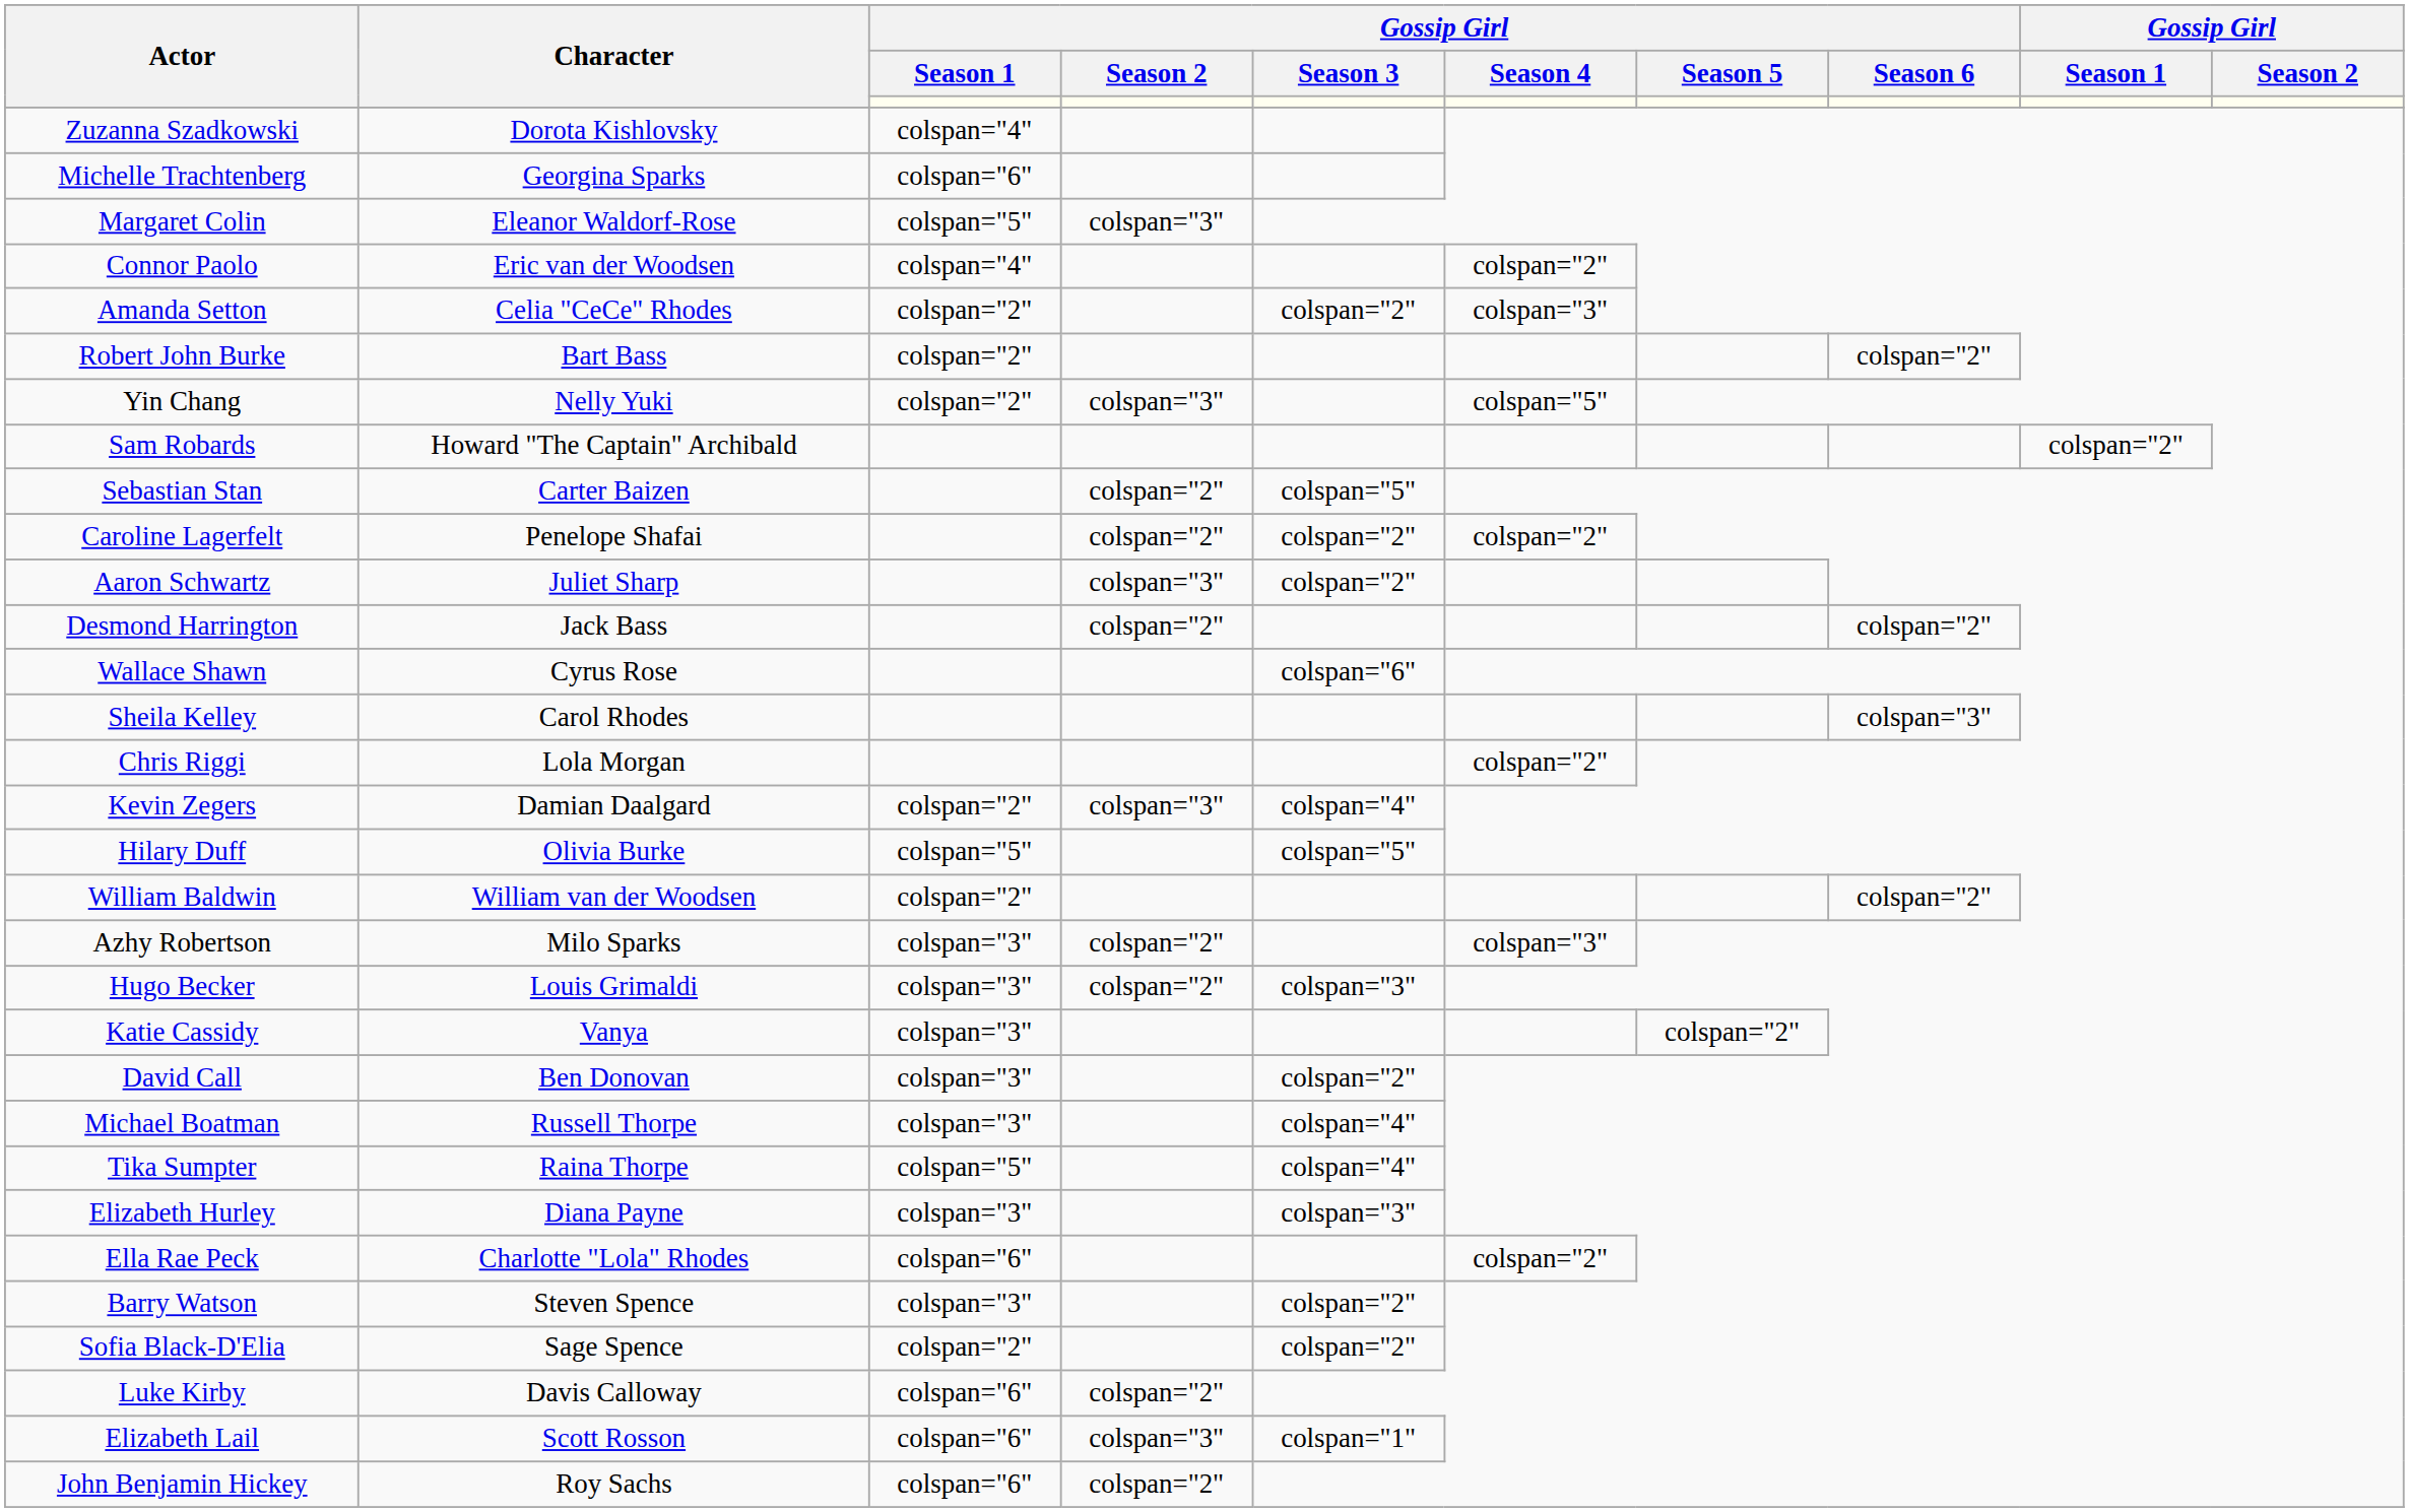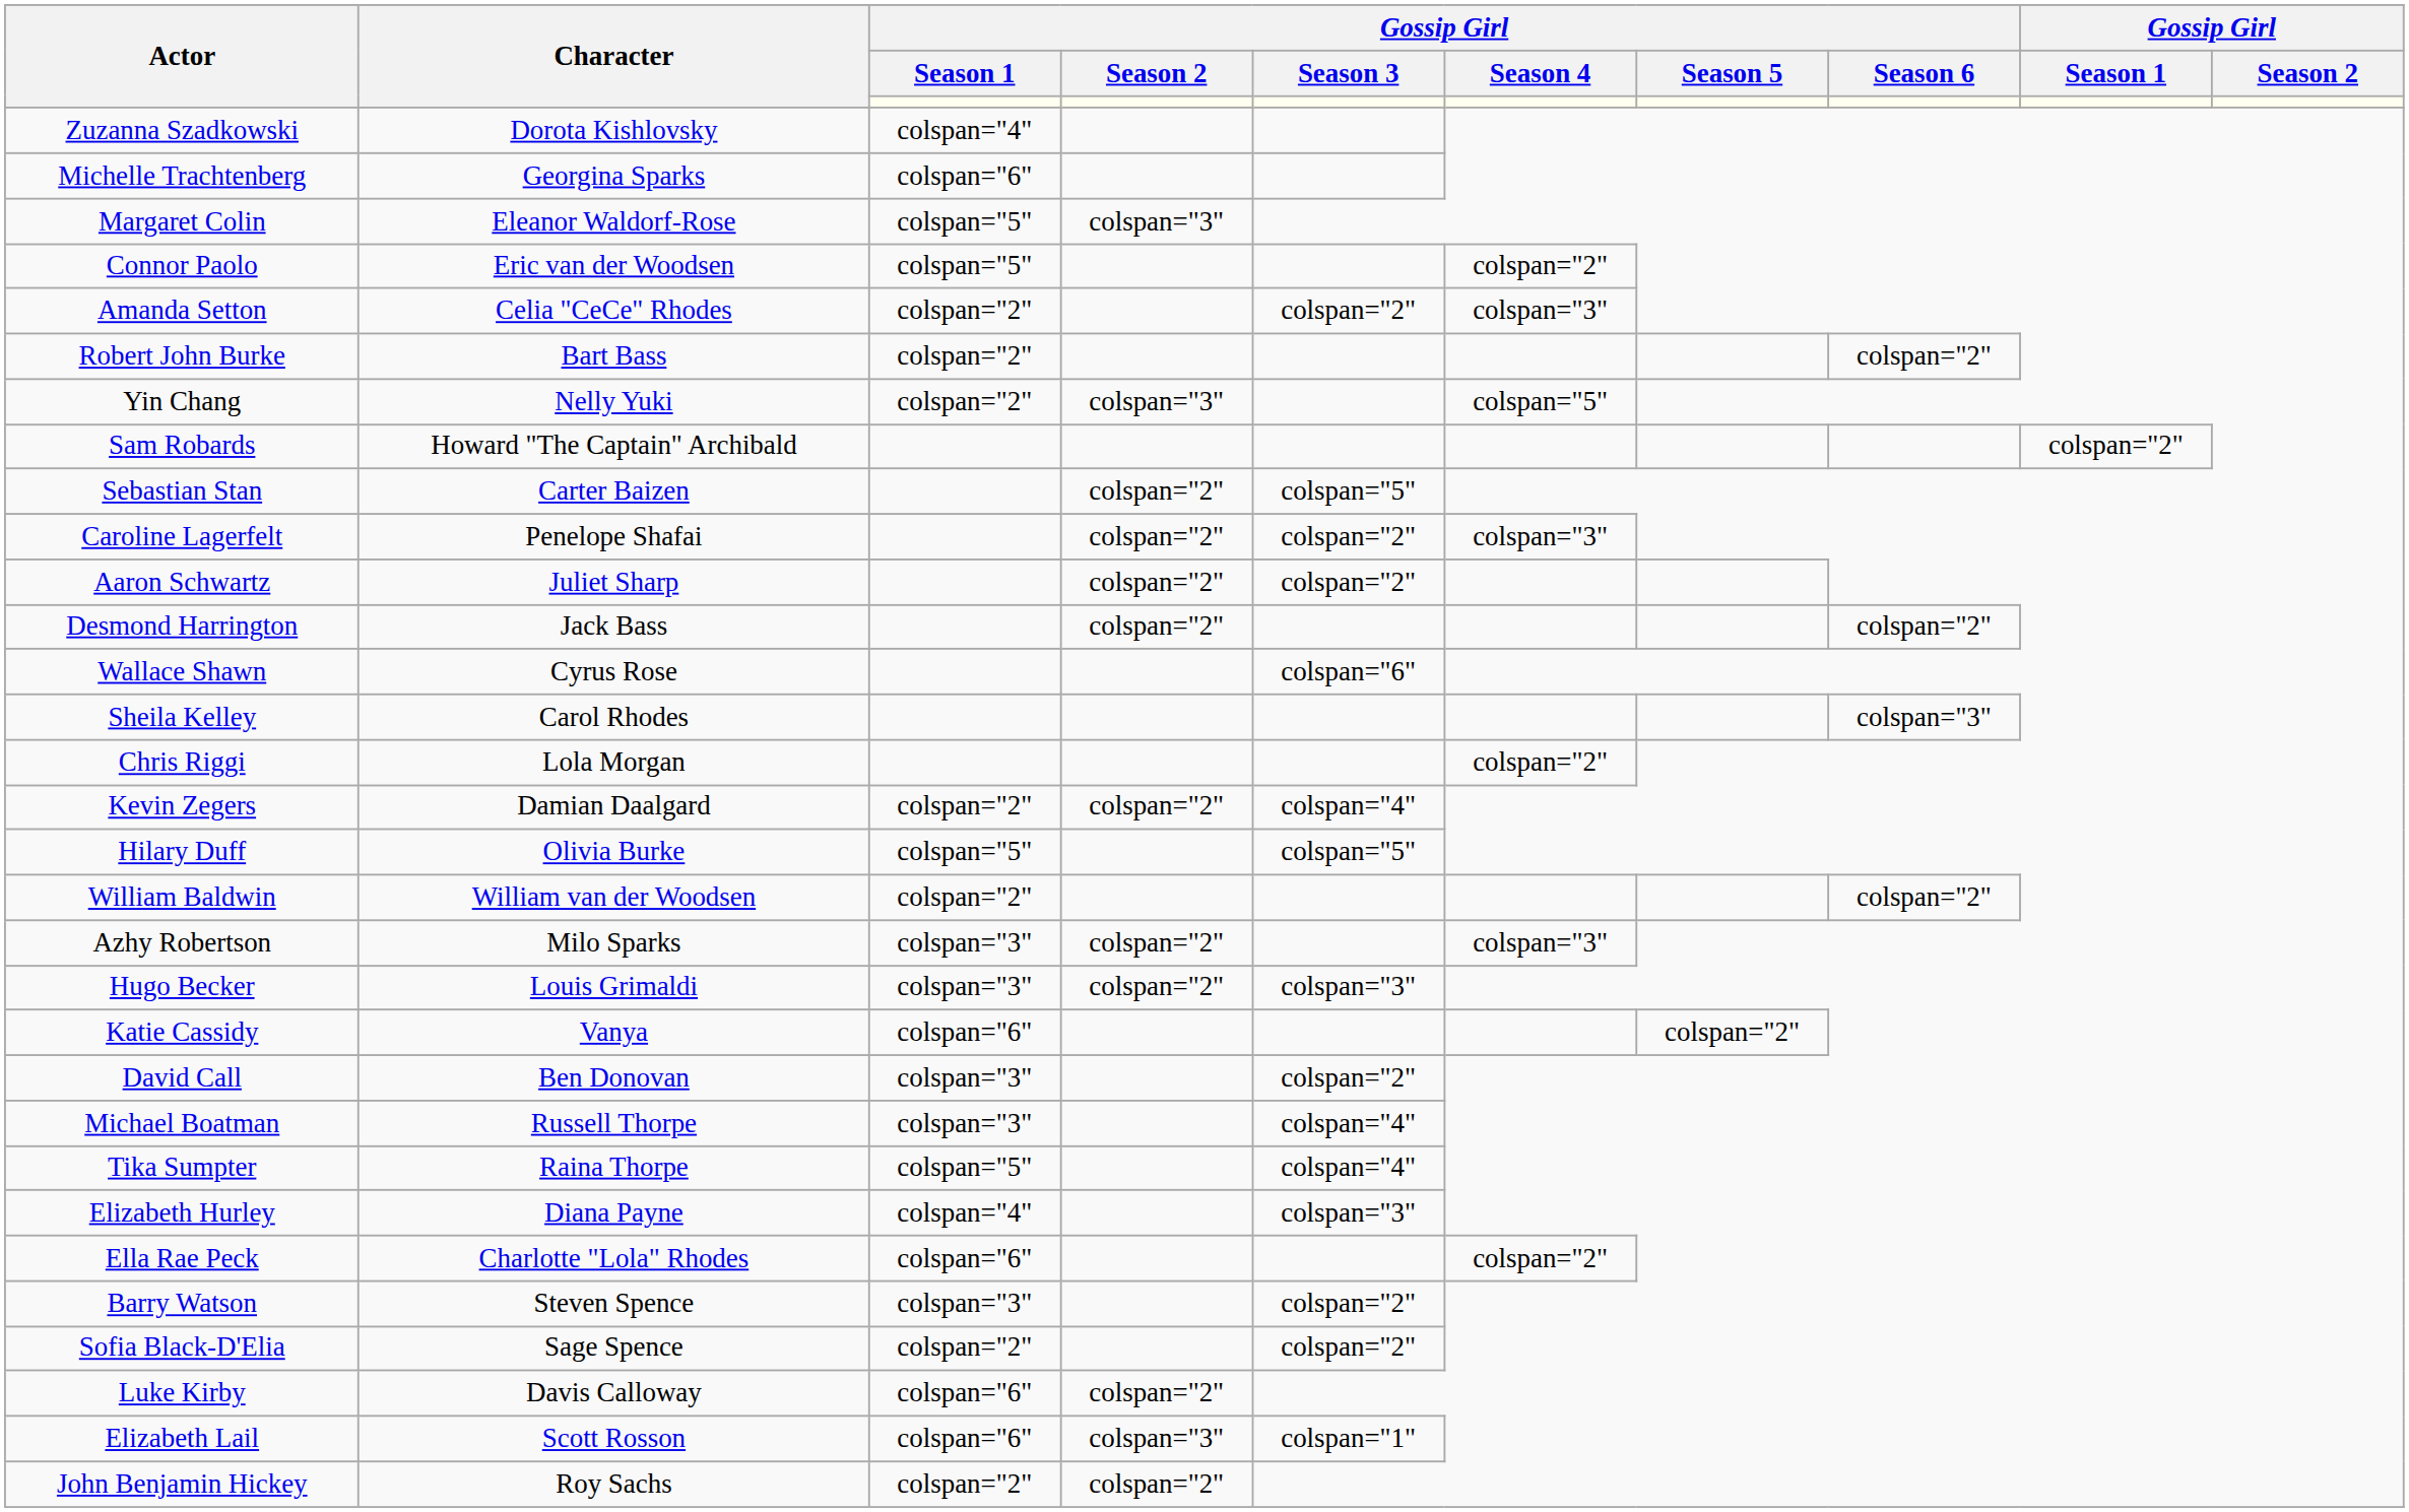 <table class="wikitable plainrowheaders" style="text-align:center; font-size:90%; width:100%">
 <tr>
 <th rowspan="3">Actor</th>
 <th rowspan="3">Character</th>
 <th colspan="6"><em><a href='#'>Gossip Girl</a></em> </th>
 <th colspan="2"><a href='#'><em>Gossip Girl</em></a> </th>
 </tr>
 <tr>
 <th style="width:8%;"><a href='#'>Season 1</a></th>
 <th style="width:8%;"><a href='#'>Season 2</a></th>
 <th style="width:8%;"><a href='#'>Season 3</a></th>
 <th style="width:8%;"><a href='#'>Season 4</a></th>
 <th style="width:8%;"><a href='#'>Season 5</a></th>
 <th style="width:8%;"><a href='#'>Season 6</a></th>
 <th style="width:8%;"><a href='#'>Season 1</a></th>
 <th style="width:8%;"><a href='#'>Season 2</a></th>
 </tr>
 <tr>
 <th style="background:ivory;"></th>
 <th style="background:ivory;"></th>
 <th style="background:ivory;"></th>
 <th style="background:ivory;"></th>
 <th style="background:ivory;"></th>
 <th style="background:ivory;"></th>
 <th style="background:ivory;"></th>
 <th style="background:ivory;"></th>
 </tr>
 <tr>
 <td><a href='#'>Zuzanna Szadkowski</a></td>
 <td><a href='#'>Dorota Kishlovsky</a></td>
 <td>colspan="4" </td>
 <td></td>
 <td></td>
 </tr>
 <tr>
 <td><a href='#'>Michelle Trachtenberg</a></td>
 <td><a href='#'>Georgina Sparks</a></td>
 <td>colspan="6" </td>
 <td></td>
 <td></td>
 </tr>
 <tr>
 <td><a href='#'>Margaret Colin</a></td>
 <td><a href='#'>Eleanor Waldorf-Rose</a></td>
 <td>colspan="5" </td>
 <td>colspan="3" </td>
 </tr>
 <tr>
 <td><a href='#'>Connor Paolo</a></td>
 <td><a href='#'>Eric van der Woodsen</a></td>
-<td>colspan="4" </td>
+<td>colspan="5" </td>
 <td></td>
 <td></td>
 <td>colspan="2" </td>
 </tr>
 <tr>
 <td><a href='#'>Amanda Setton</a></td>
 <td><a href='#'>Celia "CeCe" Rhodes</a></td>
 <td>colspan="2" </td>
 <td></td>
 <td>colspan="2" </td>
 <td>colspan="3" </td>
 </tr>
 <tr>
 <td><a href='#'>Robert John Burke</a></td>
 <td><a href='#'>Bart Bass</a></td>
 <td>colspan="2" </td>
 <td></td>
 <td></td>
 <td></td>
 <td></td>
 <td>colspan="2" </td>
 </tr>
 <tr>
 <td>Yin Chang</td>
 <td><a href='#'>Nelly Yuki</a></td>
 <td>colspan="2" </td>
 <td>colspan="3" </td>
 <td></td>
 <td>colspan="5" </td>
 </tr>
 <tr>
 <td><a href='#'>Sam Robards</a></td>
 <td>Howard "The Captain" Archibald</td>
 <td></td>
 <td></td>
 <td></td>
 <td></td>
 <td></td>
 <td></td>
 <td>colspan="2" </td>
 </tr>
 <tr>
 <td><a href='#'>Sebastian Stan</a></td>
 <td><a href='#'>Carter Baizen</a></td>
 <td></td>
 <td>colspan="2" </td>
 <td>colspan="5" </td>
 </tr>
 <tr>
 <td><a href='#'>Caroline Lagerfelt</a></td>
 <td>Penelope Shafai</td>
 <td></td>
 <td>colspan="2" </td>
 <td>colspan="2" </td>
-<td>colspan="2" </td>
+<td>colspan="3" </td>
 </tr>
 <tr>
 <td><a href='#'>Aaron Schwartz</a></td>
 <td><a href='#'>Juliet Sharp</a></td>
 <td></td>
-<td>colspan="3" </td>
+<td>colspan="2" </td>
 <td>colspan="2" </td>
 <td></td>
 <td></td>
 </tr>
 <tr>
 <td><a href='#'>Desmond Harrington</a></td>
 <td>Jack Bass</td>
 <td></td>
 <td>colspan="2" </td>
 <td></td>
 <td></td>
 <td></td>
 <td>colspan="2" </td>
 </tr>
 <tr>
 <td><a href='#'>Wallace Shawn</a></td>
 <td>Cyrus Rose</td>
 <td></td>
 <td></td>
 <td>colspan="6" </td>
 </tr>
 <tr>
 <td><a href='#'>Sheila Kelley</a></td>
 <td>Carol Rhodes</td>
 <td></td>
 <td></td>
 <td></td>
 <td></td>
 <td></td>
 <td>colspan="3" </td>
 </tr>
 <tr>
 <td><a href='#'>Chris Riggi</a></td>
 <td>Lola Morgan</td>
 <td></td>
 <td></td>
 <td></td>
 <td>colspan="2" </td>
 </tr>
 <tr>
 <td><a href='#'>Kevin Zegers</a></td>
 <td>Damian Daalgard</td>
 <td>colspan="2" </td>
-<td>colspan="3" </td>
+<td>colspan="2" </td>
 <td>colspan="4" </td>
 </tr>
 <tr>
 <td><a href='#'>Hilary Duff</a></td>
 <td><a href='#'>Olivia Burke</a></td>
 <td>colspan="5" </td>
 <td></td>
 <td>colspan="5" </td>
 </tr>
 <tr>
 <td><a href='#'>William Baldwin</a></td>
 <td><a href='#'>William van der Woodsen</a></td>
 <td>colspan="2" </td>
 <td></td>
 <td></td>
 <td></td>
 <td></td>
 <td>colspan="2" </td>
 </tr>
 <tr>
 <td>Azhy Robertson</td>
 <td>Milo Sparks</td>
 <td>colspan="3" </td>
 <td>colspan="2" </td>
 <td></td>
 <td>colspan="3" </td>
 </tr>
 <tr>
 <td><a href='#'>Hugo Becker</a></td>
 <td><a href='#'>Louis Grimaldi</a></td>
 <td>colspan="3" </td>
 <td>colspan="2" </td>
 <td>colspan="3" </td>
 </tr>
 <tr>
 <td><a href='#'>Katie Cassidy</a></td>
 <td><a href='#'>Vanya</a></td>
-<td>colspan="3" </td>
+<td>colspan="6" </td>
 <td></td>
 <td></td>
 <td></td>
 <td>colspan="2" </td>
 </tr>
 <tr>
 <td><a href='#'>David Call</a></td>
 <td><a href='#'>Ben Donovan</a></td>
 <td>colspan="3" </td>
 <td></td>
 <td>colspan="2" </td>
 </tr>
 <tr>
 <td><a href='#'>Michael Boatman</a></td>
 <td><a href='#'>Russell Thorpe</a></td>
 <td>colspan="3" </td>
 <td></td>
 <td>colspan="4" </td>
 </tr>
 <tr>
 <td><a href='#'>Tika Sumpter</a></td>
 <td><a href='#'>Raina Thorpe</a></td>
 <td>colspan="5" </td>
 <td></td>
 <td>colspan="4" </td>
 </tr>
 <tr>
 <td><a href='#'>Elizabeth Hurley</a></td>
 <td><a href='#'>Diana Payne</a></td>
-<td>colspan="3" </td>
+<td>colspan="4" </td>
 <td></td>
 <td>colspan="3" </td>
 </tr>
 <tr>
 <td><a href='#'>Ella Rae Peck</a></td>
 <td><a href='#'>Charlotte "Lola" Rhodes</a></td>
 <td>colspan="6" </td>
 <td></td>
 <td></td>
 <td>colspan="2" </td>
 </tr>
 <tr>
 <td><a href='#'>Barry Watson</a></td>
 <td>Steven Spence</td>
 <td>colspan="3" </td>
 <td></td>
 <td>colspan="2" </td>
 </tr>
 <tr>
 <td><a href='#'>Sofia Black-D'Elia</a></td>
 <td>Sage Spence</td>
 <td>colspan="2" </td>
 <td></td>
 <td>colspan="2" </td>
 </tr>
 <tr>
 <td><a href='#'>Luke Kirby</a></td>
 <td>Davis Calloway</td>
 <td>colspan="6" </td>
 <td>colspan="2" </td>
 </tr>
 <tr>
 <td><a href='#'>Elizabeth Lail</a></td>
 <td><a href='#'>Scott Rosson</a></td>
 <td>colspan="6" </td>
 <td>colspan="3" </td>
 <td>colspan="1" </td>
 </tr>
 <tr>
 <td><a href='#'>John Benjamin Hickey</a></td>
 <td>Roy Sachs</td>
-<td>colspan="6" </td>
+<td>colspan="2" </td>
 <td>colspan="2" </td>
 </tr>
 </table>
